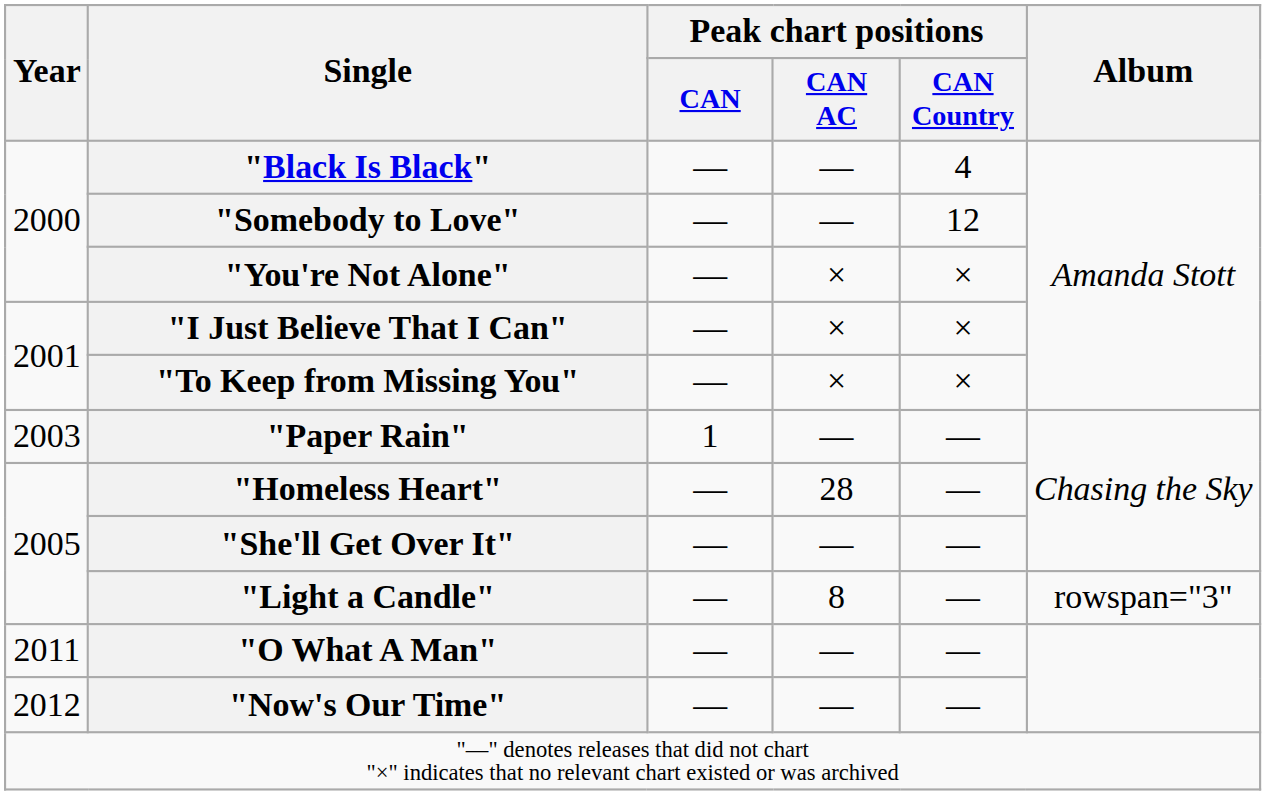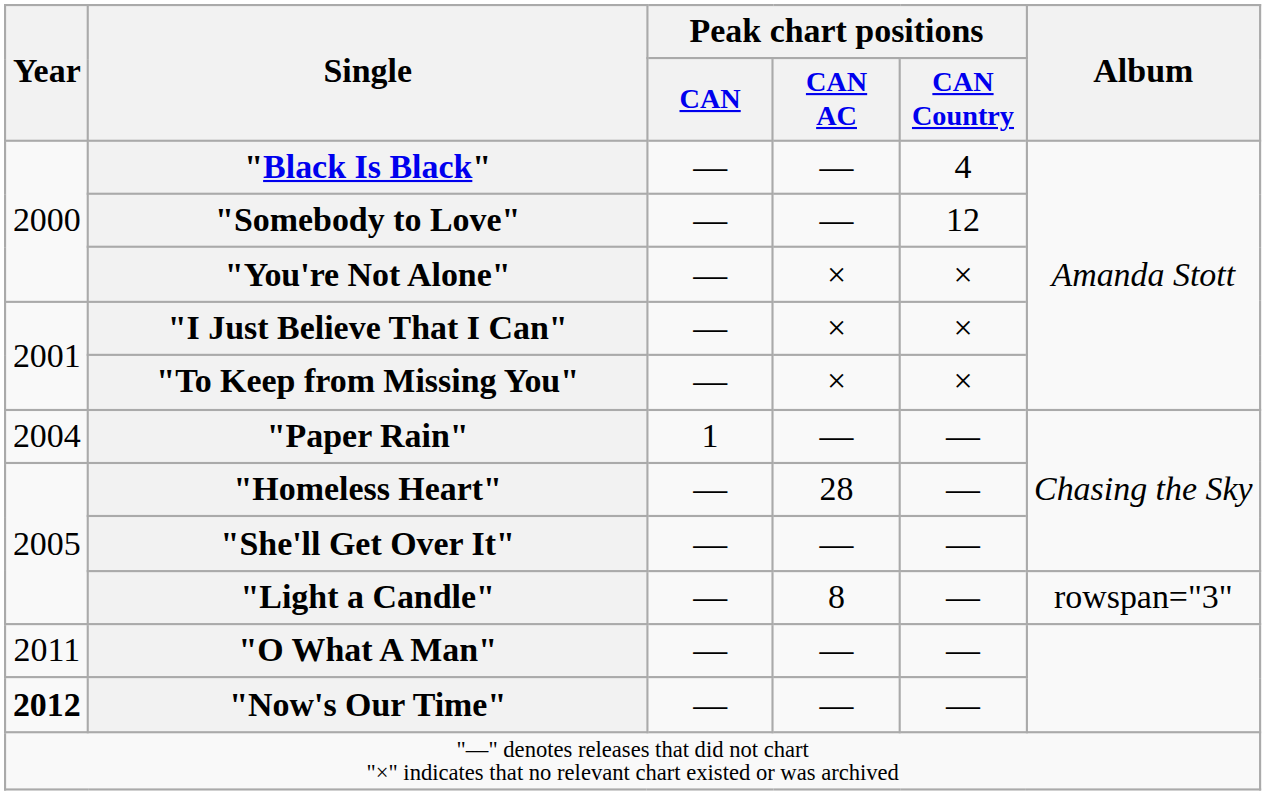 <table class="wikitable plainrowheaders" style="text-align:center;">
 <tr>
 <th rowspan="2">Year</th>
 <th rowspan="2" style="width:16em;">Single</th>
 <th colspan="3">Peak chart positions</th>
 <th rowspan="2">Album</th>
 </tr>
 <tr style="font-size:smaller;">
 <th style="width:4em;"><a href='#'>CAN</a><br></th>
 <th style="width:4em;"><a href='#'>CAN<br>AC</a><br></th>
 <th style="width:4em;"><a href='#'>CAN Country</a><br></th>
 </tr>
 <tr>
 <td rowspan="3">2000</td>
 <th scope="row">"<a href='#'>Black Is Black</a>"</th>
 <td>—</td>
 <td>—</td>
 <td>4</td>
 <td rowspan="5"><em>Amanda Stott</em></td>
 </tr>
 <tr>
 <th scope="row">"Somebody to Love"</th>
 <td>—</td>
 <td>—</td>
 <td>12</td>
 </tr>
 <tr>
 <th scope="row">"You're Not Alone"</th>
 <td>—</td>
 <td>×</td>
 <td>×</td>
 </tr>
 <tr>
 <td rowspan="2">2001</td>
 <th scope="row">"I Just Believe That I Can"</th>
 <td>—</td>
 <td>×</td>
 <td>×</td>
 </tr>
 <tr>
 <th scope="row">"To Keep from Missing You"</th>
 <td>—</td>
 <td>×</td>
 <td>×</td>
 </tr>
 <tr>
-<td>2003</td>
+<td>2004</td>
 <th scope="row">"Paper Rain"</th>
 <td>1</td>
 <td>—</td>
 <td>—</td>
 <td rowspan="3"><em>Chasing the Sky</em></td>
 </tr>
 <tr>
 <td rowspan="3">2005</td>
 <th scope="row">"Homeless Heart"</th>
 <td>—</td>
 <td>28</td>
 <td>—</td>
 </tr>
 <tr>
 <th scope="row">"She'll Get Over It"</th>
 <td>—</td>
 <td>—</td>
 <td>—</td>
 </tr>
 <tr>
 <th scope="row">"Light a Candle"</th>
 <td>—</td>
 <td>8</td>
 <td>—</td>
 <td>rowspan="3" </td>
 </tr>
 <tr>
 <td>2011</td>
 <th scope="row">"O What A Man"</th>
 <td>—</td>
 <td>—</td>
 <td>—</td>
 </tr>
 <tr>
-<td>2012</td>
+<td><strong>2012</strong></td>
 <th scope="row">"Now's Our Time" </th>
 <td>—</td>
 <td>—</td>
 <td>—</td>
 </tr>
 <tr>
 <td colspan="6" style="font-size:8pt">"—" denotes releases that did not chart<br>"×" indicates that no relevant chart existed or was archived</td>
 </tr>
 </table>
